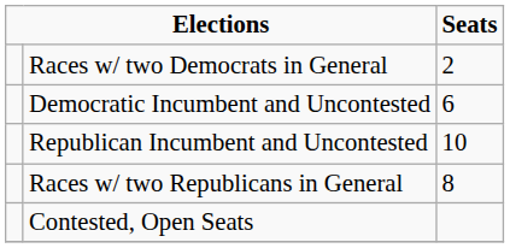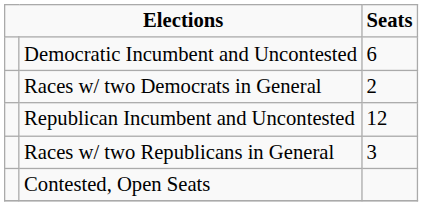 <table class="wikitable">
 <tr>
 <td colspan="2" rowspan="1" align="center"><strong>Elections</strong></td>
 <td style="vertical-align:top;"><strong>Seats</strong><br></td>
+</tr>
+<tr>
+<td style="background-color:"> </td>
+<td>Democratic Incumbent and Uncontested</td>
+<td>6</td>
 </tr>
 <tr>
 <td style="background-color:"> </td>
 <td>Races w/ two Democrats in General</td>
 <td>2</td>
 </tr>
 <tr>
 <td style="background-color:"> </td>
-<td>Democratic Incumbent and Uncontested</td>
-<td>6</td>
-</tr>
-<tr>
-<td style="background-color:"> </td>
 <td>Republican Incumbent and Uncontested</td>
-<td>10</td>
+<td>12</td>
 </tr>
 <tr>
 <td style="background-color:"> </td>
 <td>Races w/ two Republicans in General</td>
-<td>8</td>
+<td>3</td>
 </tr>
 <tr>
 <td style="background-color:"> </td>
 <td>Contested, Open Seats</td>
 <td></td>
 </tr>
 <tr>
 </tr>
 </table>
